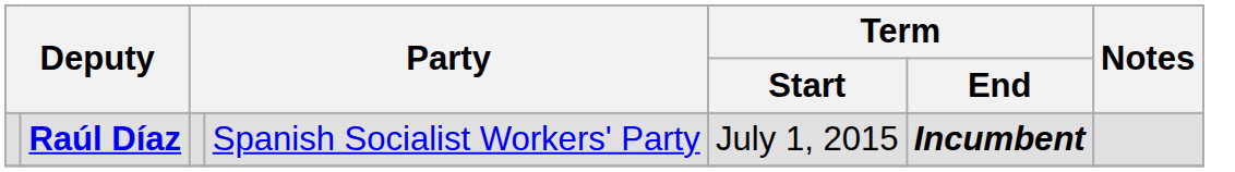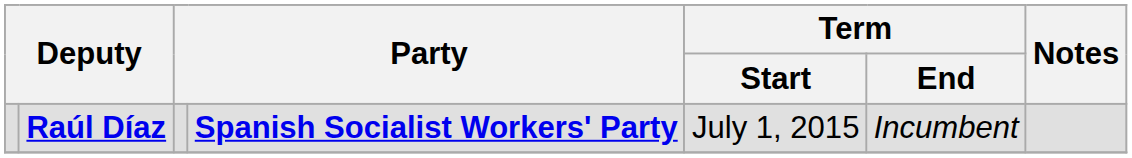 <table class="wikitable sortable" style="text-align:center">
 <tr>
 <th colspan="2" rowspan="2">Deputy</th>
 <th colspan="2" rowspan="2">Party</th>
 <th colspan="2">Term</th>
 <th rowspan="2">Notes</th>
 </tr>
 <tr>
 <th>Start</th>
 <th>End</th>
 </tr>
 <tr style="background:#e0e0e0">
 <td></td>
 <td><strong><a href='#'>Raúl Díaz</a></strong></td>
 <td style="background-color:"></td>
-<td><a href='#'>Spanish Socialist Workers' Party</a></td>
+<td><strong><a href='#'>Spanish Socialist Workers' Party</a></strong></td>
 <td>July 1, 2015</td>
-<td><strong><em>Incumbent</em></strong></td>
+<td><em>Incumbent</em></td>
 <td></td>
 </tr>
 <tr>
 </tr>
 </table>
